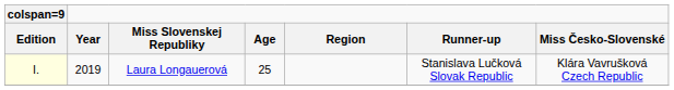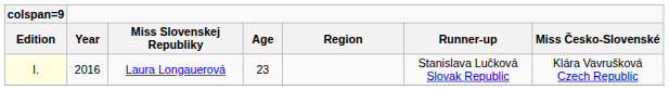 <table class="wikitable sortable" style="font-size: 95%; text-align:center">
 <tr>
 <th>colspan=9 </th>
 </tr>
 <tr>
 <th width="60">Edition</th>
 <th width="60">Year</th>
 <th width="250">Miss Slovenskej Republiky</th>
 <th width="60">Age</th>
 <th width="250">Region</th>
 <th width="250">Runner-up</th>
 <th width="250">Miss Česko-Slovenské</th>
 </tr>
 <tr>
 <td style="background: lightyellow;">I.</td>
-<td>2019</td>
+<td>2016</td>
 <td><a href='#'>Laura Longauerová</a></td>
-<td>25</td>
+<td>23</td>
 <td></td>
 <td>Stanislava Lučková<br><a href='#'>Slovak Republic</a></td>
 <td>Klára Vavrušková<br><a href='#'>Czech Republic</a></td>
 </tr>
 <tr>
 </tr>
 </table>
